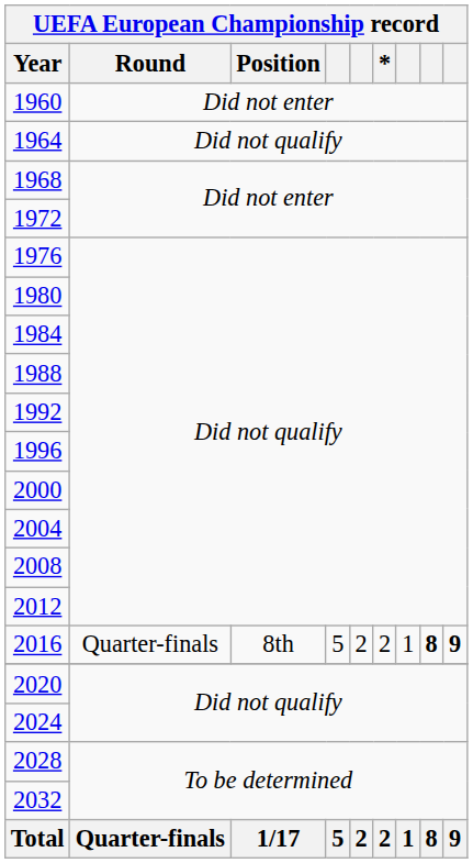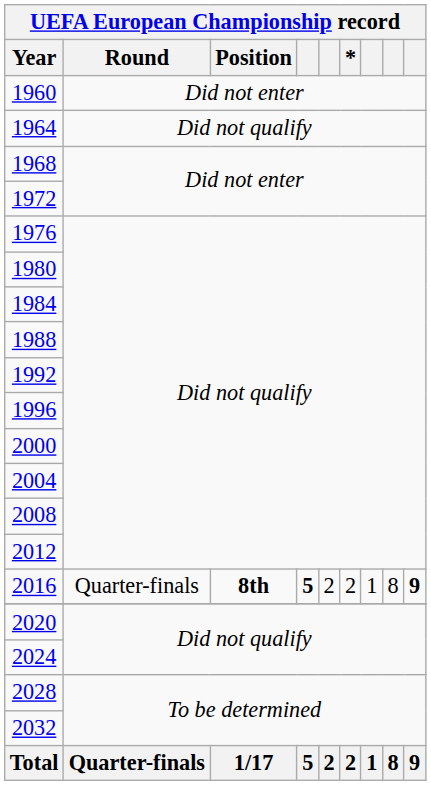 <table class="wikitable" style="text-align: center;">
 <tr>
 <th colspan=9><a href='#'>UEFA European Championship</a> record</th>
 </tr>
 <tr>
 <th>Year</th>
 <th>Round</th>
 <th>Position</th>
 <th></th>
 <th></th>
 <th>*</th>
 <th></th>
 <th></th>
 <th></th>
 </tr>
 <tr>
 <td> <a href='#'>1960</a></td>
 <td colspan=8><em>Did not enter</em></td>
 </tr>
 <tr>
 <td> <a href='#'>1964</a></td>
 <td colspan=8><em>Did not qualify</em></td>
 </tr>
 <tr>
 <td> <a href='#'>1968</a></td>
 <td rowspan=2 colspan=8><em>Did not enter</em></td>
 </tr>
 <tr>
 <td> <a href='#'>1972</a></td>
 </tr>
 <tr>
 <td> <a href='#'>1976</a></td>
 <td rowspan=10 colspan=8><em>Did not qualify</em></td>
 </tr>
 <tr>
 <td> <a href='#'>1980</a></td>
 </tr>
 <tr>
 <td> <a href='#'>1984</a></td>
 </tr>
 <tr>
 <td> <a href='#'>1988</a></td>
 </tr>
 <tr>
 <td> <a href='#'>1992</a></td>
 </tr>
 <tr>
 <td> <a href='#'>1996</a></td>
 </tr>
 <tr>
 <td>  <a href='#'>2000</a></td>
 </tr>
 <tr>
 <td> <a href='#'>2004</a></td>
 </tr>
 <tr>
 <td>  <a href='#'>2008</a></td>
 </tr>
 <tr>
 <td>  <a href='#'>2012</a></td>
 </tr>
 <tr>
 <td> <a href='#'>2016</a></td>
 <td>Quarter-finals</td>
-<td>8th</td>
-<td>5</td>
+<td><strong>8th</strong></td>
+<td><strong>5</strong></td>
 <td>2</td>
 <td>2</td>
 <td>1</td>
-<td><strong>8</strong></td>
+<td>8</td>
 <td><strong>9</strong></td>
 </tr>
 <tr>
 </tr>
 <tr>
 <td> <a href='#'>2020</a></td>
 <td rowspan=2 colspan=8><em>Did not qualify</em></td>
 </tr>
 <tr>
 <td> <a href='#'>2024</a></td>
 </tr>
 <tr>
 <td>  <a href='#'>2028</a></td>
 <td rowspan=2 colspan=8><em>To be determined</em></td>
 </tr>
 <tr>
 <td>  <a href='#'>2032</a></td>
 </tr>
 <tr>
 <th>Total</th>
 <th>Quarter-finals</th>
 <th>1/17</th>
 <th>5</th>
 <th>2</th>
 <th>2</th>
 <th>1</th>
 <th>8</th>
 <th>9</th>
 </tr>
 </table>
